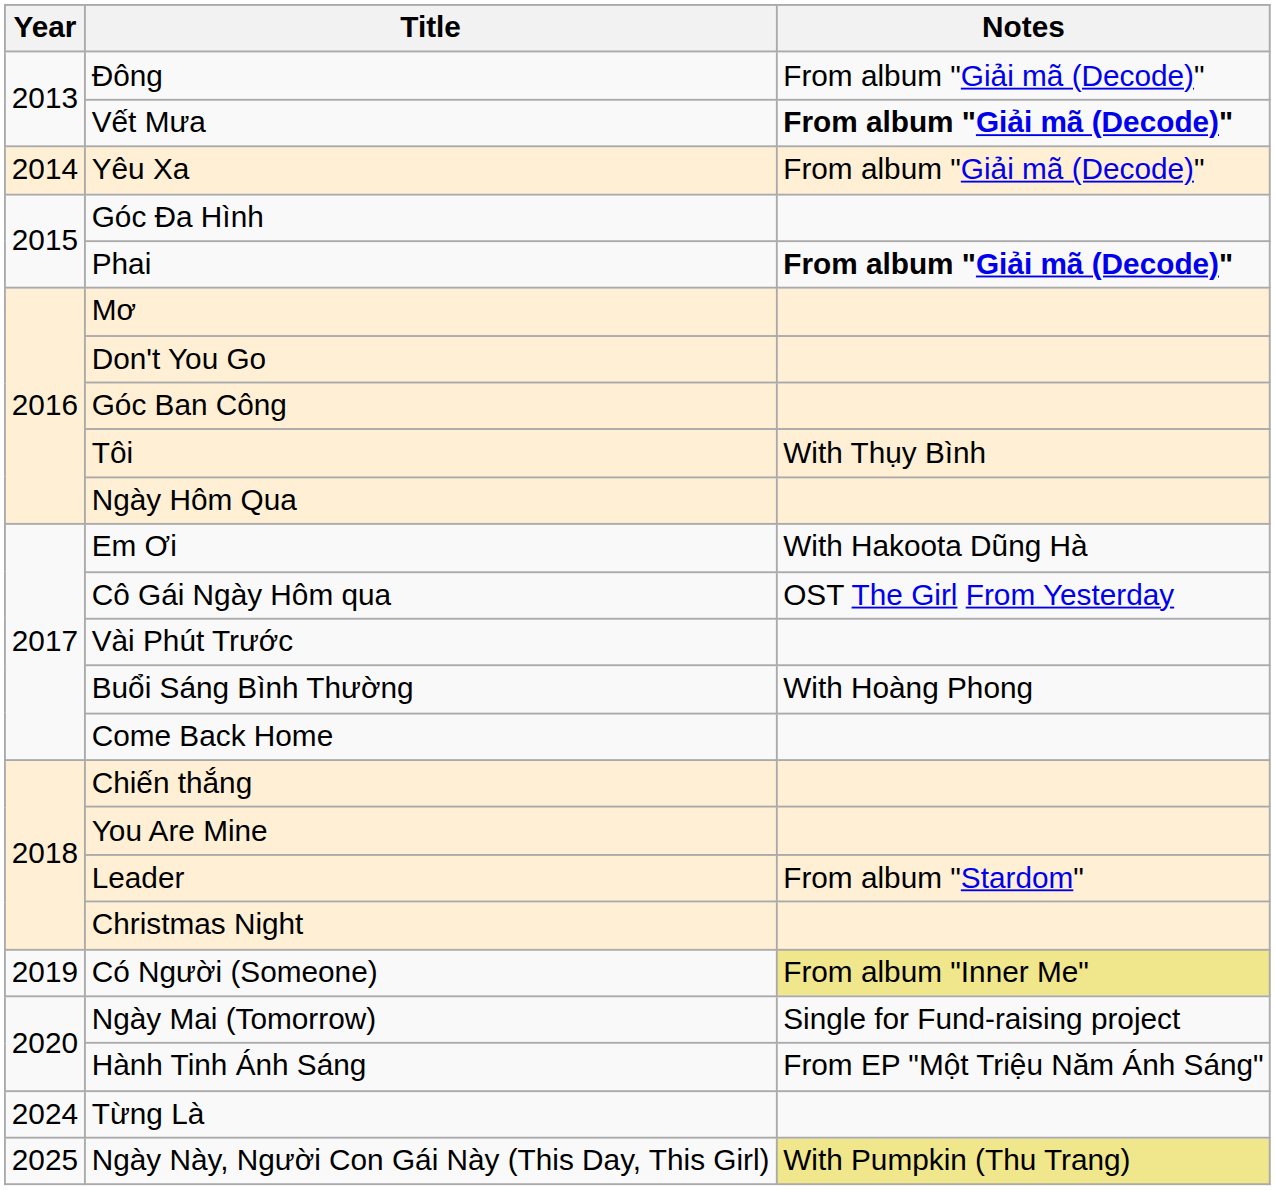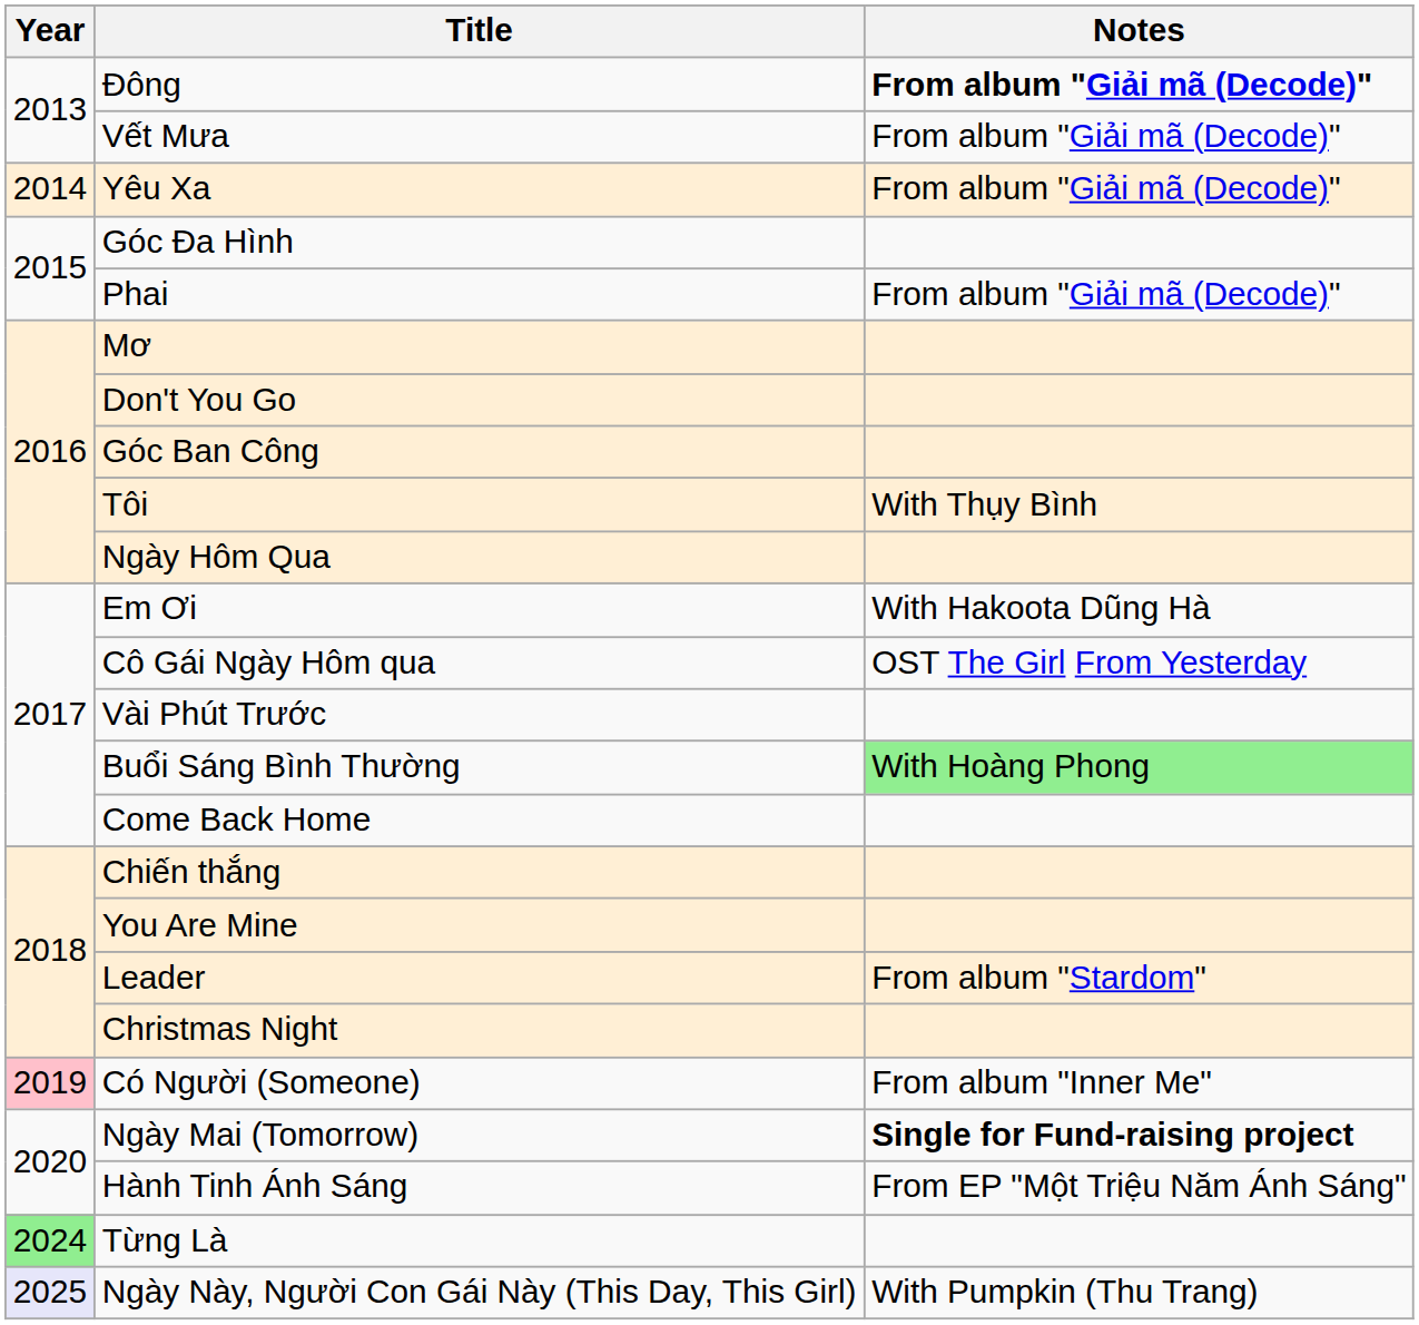 <table class="wikitable">
 <tr>
 <th>Year</th>
 <th>Title</th>
 <th>Notes</th>
 </tr>
 <tr>
 <td rowspan=2>2013</td>
 <td>Đông</td>
-<td>From album "<a href='#'>Giải mã (Decode)</a>"</td>
+<td><strong>From album "<a href='#'>Giải mã (Decode)</a>"</strong></td>
 </tr>
 <tr>
 <td>Vết Mưa</td>
-<td><strong>From album "<a href='#'>Giải mã (Decode)</a>"</strong></td>
+<td>From album "<a href='#'>Giải mã (Decode)</a>"</td>
 </tr>
 <tr style="background:PapayaWhip;">
 <td>2014</td>
 <td>Yêu Xa</td>
 <td>From album "<a href='#'>Giải mã (Decode)</a>"</td>
 </tr>
 <tr>
 <td rowspan="2">2015</td>
 <td>Góc Đa Hình</td>
 <td></td>
 </tr>
 <tr>
 <td>Phai</td>
-<td><strong>From album "<a href='#'>Giải mã (Decode)</a>"</strong></td>
+<td>From album "<a href='#'>Giải mã (Decode)</a>"</td>
 </tr>
 <tr style="background:PapayaWhip;">
 <td rowspan="5">2016</td>
 <td>Mơ</td>
 <td></td>
 </tr>
 <tr style="background:PapayaWhip;">
 <td>Don't You Go</td>
 <td></td>
 </tr>
 <tr style="background:PapayaWhip;">
 <td>Góc Ban Công</td>
 <td></td>
 </tr>
 <tr style="background:PapayaWhip;">
 <td>Tôi</td>
 <td>With Thụy Bình</td>
 </tr>
 <tr style="background:PapayaWhip;">
 <td>Ngày Hôm Qua</td>
 <td></td>
 </tr>
 <tr>
 <td rowspan="5">2017</td>
 <td>Em Ơi</td>
 <td>With Hakoota Dũng Hà</td>
 </tr>
 <tr>
 <td>Cô Gái Ngày Hôm qua</td>
 <td>OST <a href='#'>The Girl</a> <a href='#'>From Yesterday</a></td>
 </tr>
 <tr>
 <td>Vài Phút Trước</td>
 <td></td>
 </tr>
 <tr>
 <td>Buổi Sáng Bình Thường</td>
-<td>With Hoàng Phong</td>
+<td style="background: lightgreen;">With Hoàng Phong</td>
 </tr>
 <tr>
 <td>Come Back Home</td>
 <td></td>
 </tr>
 <tr style="background:PapayaWhip;">
 <td rowspan="4">2018</td>
 <td>Chiến thắng</td>
 <td></td>
 </tr>
 <tr style="background:PapayaWhip;">
 <td>You Are Mine</td>
 <td></td>
 </tr>
 <tr style="background:PapayaWhip;">
 <td>Leader</td>
 <td>From album "<a href='#'>Stardom</a>"</td>
 </tr>
 <tr style="background:PapayaWhip;">
 <td>Christmas Night</td>
 <td></td>
 </tr>
 <tr>
-<td>2019</td>
+<td style="background: pink;">2019</td>
 <td>Có Người (Someone)</td>
-<td style="background: khaki;">From album "Inner Me"</td>
+<td>From album "Inner Me"</td>
 </tr>
 <tr>
 <td rowspan="2">2020</td>
 <td>Ngày Mai (Tomorrow)</td>
-<td>Single for Fund-raising project</td>
+<td><strong>Single for Fund-raising project</strong></td>
 </tr>
 <tr>
 <td>Hành Tinh Ánh Sáng </td>
 <td>From EP "Một Triệu Năm Ánh Sáng"</td>
 </tr>
 <tr>
-<td>2024</td>
+<td style="background: lightgreen;">2024</td>
 <td>Từng Là</td>
 <td></td>
 </tr>
 <tr>
-<td>2025</td>
+<td style="background: lavender;">2025</td>
 <td>Ngày Này, Người Con Gái Này (This Day, This Girl)</td>
-<td style="background: khaki;">With Pumpkin (Thu Trang)</td>
+<td>With Pumpkin (Thu Trang)</td>
 </tr>
 </table>
